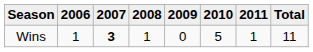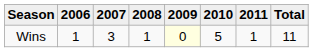 <table class="wikitable">
 <tr style=background:#efefef;font-weight:bold>
 <td>Season</td>
 <td>2006</td>
 <td>2007</td>
 <td>2008</td>
 <td>2009</td>
 <td>2010</td>
 <td>2011</td>
 <td>Total</td>
 </tr>
 <tr align=center>
 <td>Wins</td>
 <td>1</td>
-<td><strong>3</strong></td>
+<td>3</td>
 <td>1</td>
-<td>0</td>
+<td style="background: lightyellow;">0</td>
 <td>5</td>
 <td>1</td>
 <td>11</td>
 </tr>
 </table>
